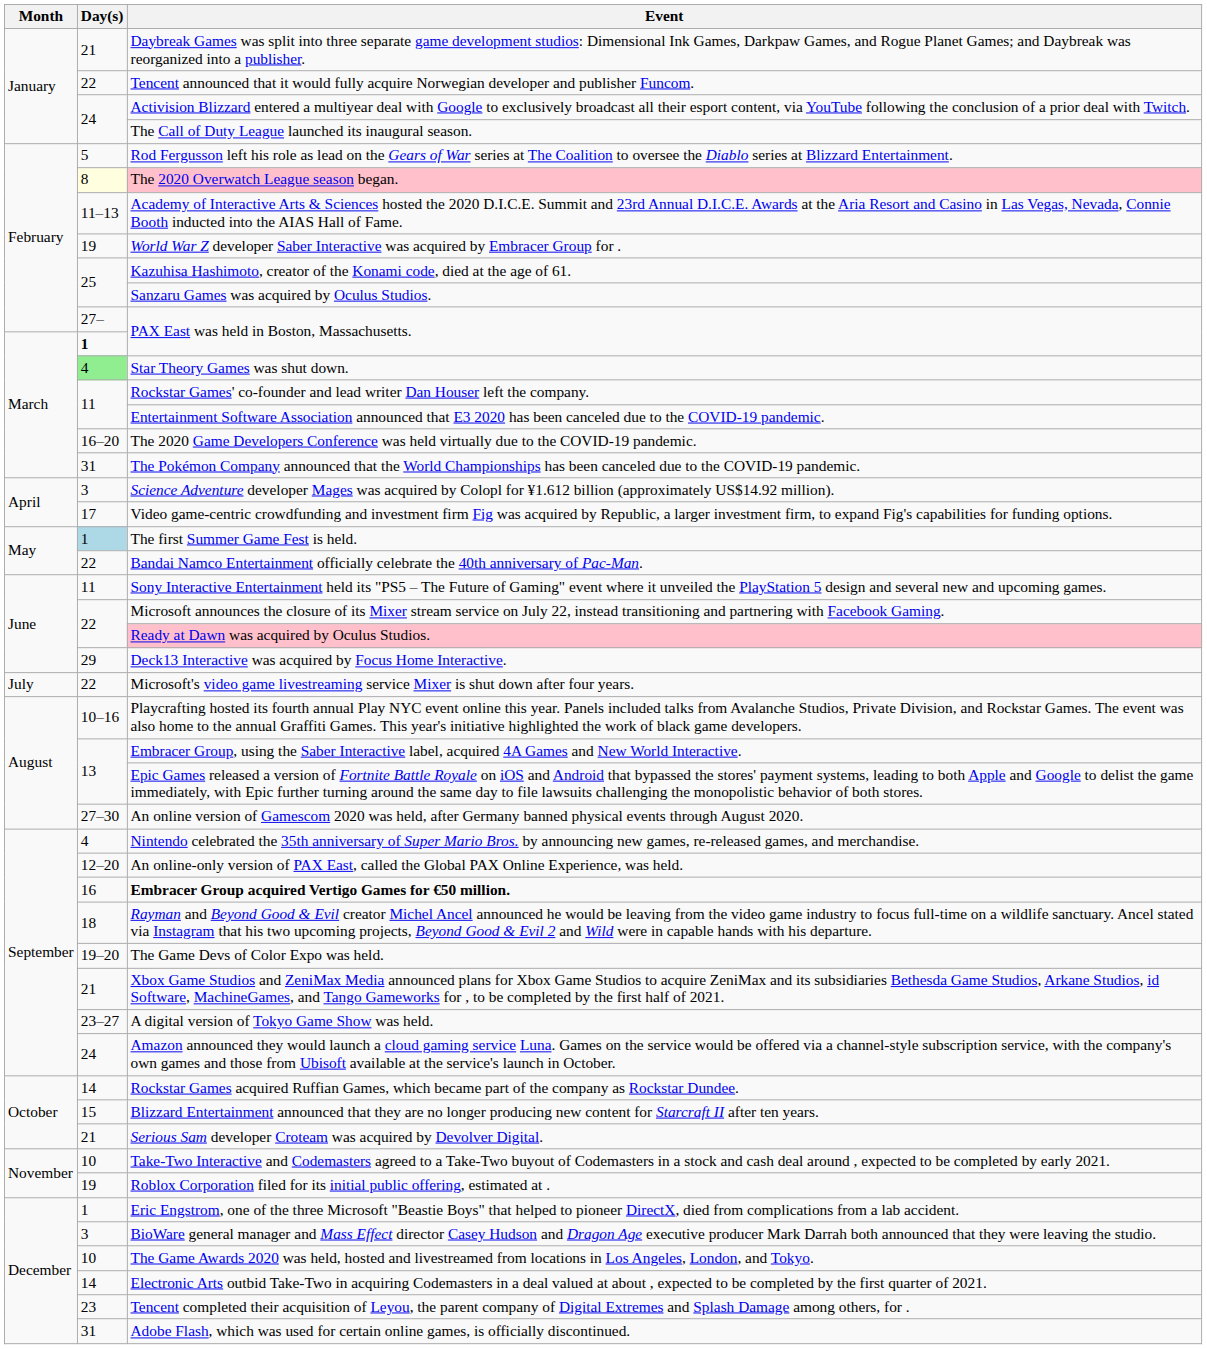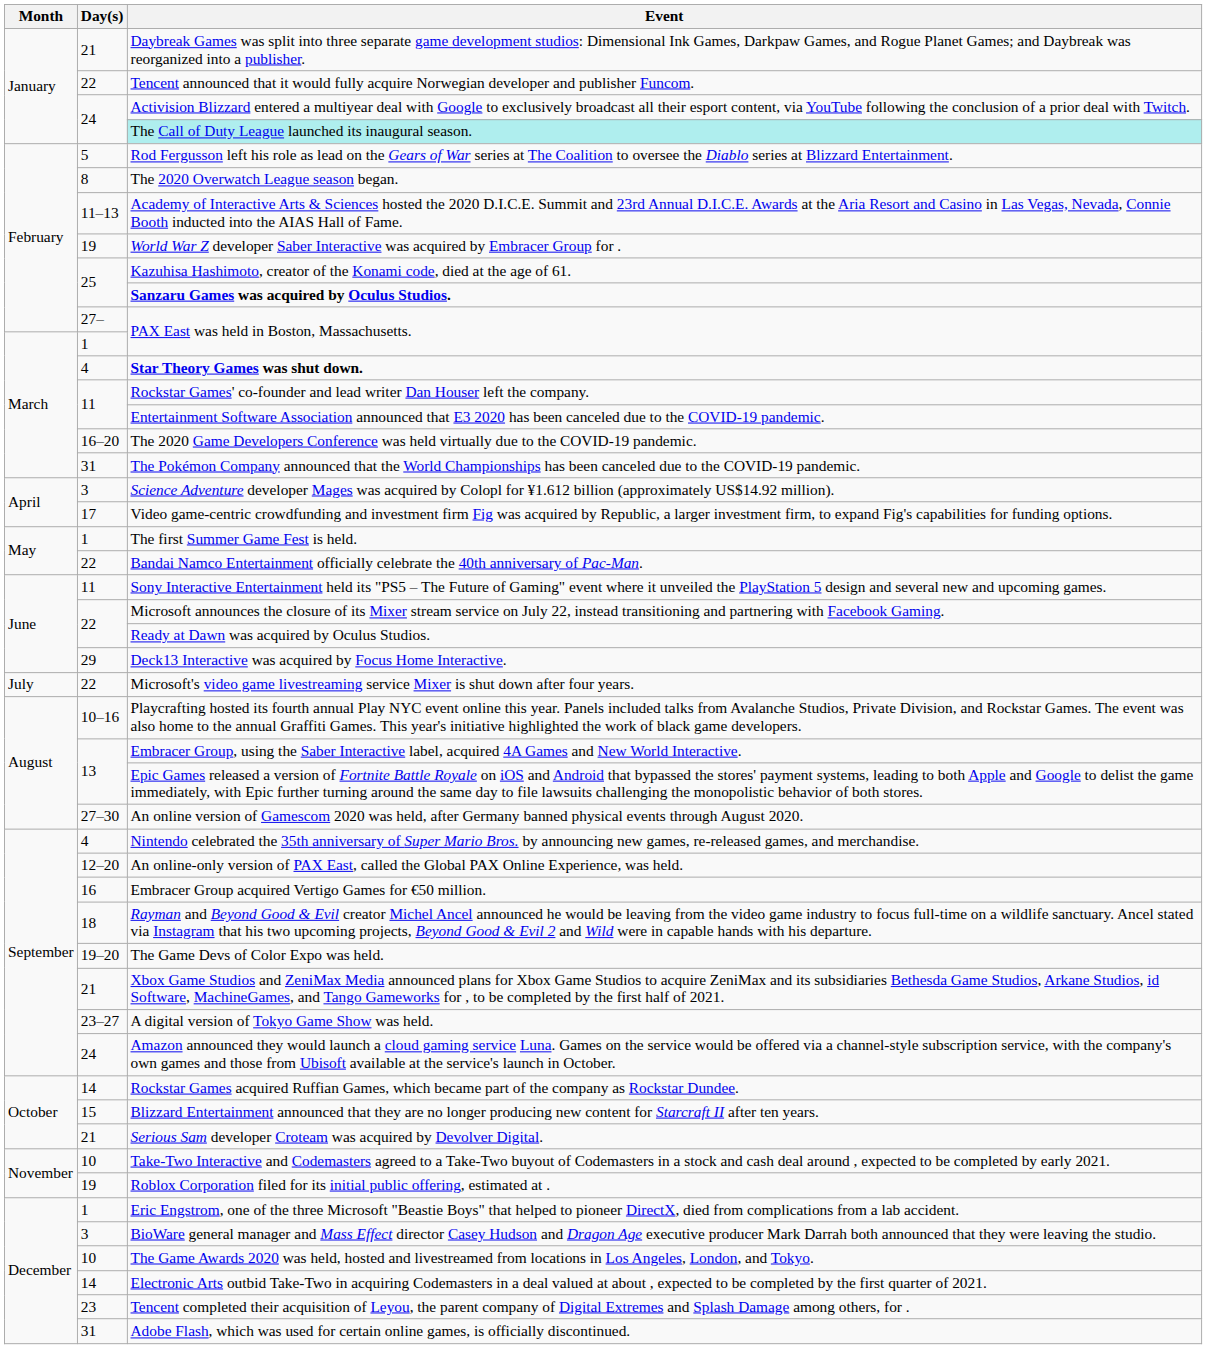 <table class="wikitable">
 <tr>
 <th>Month</th>
 <th>Day(s)</th>
 <th>Event</th>
 </tr>
 <tr>
 <td rowspan="4">January</td>
 <td>21</td>
 <td><a href='#'>Daybreak Games</a> was split into three separate <a href='#'>game development studios</a>: Dimensional Ink Games, Darkpaw Games, and Rogue Planet Games; and Daybreak was reorganized into a <a href='#'>publisher</a>.</td>
 </tr>
 <tr>
 <td>22</td>
 <td><a href='#'>Tencent</a> announced that it would fully acquire Norwegian developer and publisher <a href='#'>Funcom</a>.</td>
 </tr>
 <tr>
 <td rowspan="2">24</td>
 <td><a href='#'>Activision Blizzard</a> entered a multiyear deal with <a href='#'>Google</a> to exclusively broadcast all their esport content, via <a href='#'>YouTube</a> following the conclusion of a prior deal with <a href='#'>Twitch</a>.</td>
 </tr>
 <tr>
-<td>The <a href='#'>Call of Duty League</a> launched its inaugural season.</td>
+<td style="background: paleturquoise;">The <a href='#'>Call of Duty League</a> launched its inaugural season.</td>
 </tr>
 <tr>
 <td rowspan="7">February</td>
 <td>5</td>
 <td><a href='#'>Rod Fergusson</a> left his role as lead on the <em><a href='#'>Gears of War</a></em> series at <a href='#'>The Coalition</a> to oversee the <em><a href='#'>Diablo</a></em> series at <a href='#'>Blizzard Entertainment</a>.</td>
 </tr>
 <tr>
-<td style="background: lightyellow;">8</td>
-<td style="background: pink;">The <a href='#'>2020 Overwatch League season</a> began.</td>
+<td>8</td>
+<td>The <a href='#'>2020 Overwatch League season</a> began.</td>
 </tr>
 <tr>
 <td>11–13</td>
 <td><a href='#'>Academy of Interactive Arts & Sciences</a> hosted the 2020 D.I.C.E. Summit and <a href='#'>23rd Annual D.I.C.E. Awards</a> at the <a href='#'>Aria Resort and Casino</a> in <a href='#'>Las Vegas, Nevada</a>, <a href='#'>Connie Booth</a> inducted into the AIAS Hall of Fame.</td>
 </tr>
 <tr>
 <td>19</td>
 <td><em><a href='#'>World War Z</a></em> developer <a href='#'>Saber Interactive</a> was acquired by <a href='#'>Embracer Group</a> for .</td>
 </tr>
 <tr>
 <td rowspan="2">25</td>
 <td><a href='#'>Kazuhisa Hashimoto</a>, creator of the <a href='#'>Konami code</a>, died at the age of 61.</td>
 </tr>
 <tr>
-<td><a href='#'>Sanzaru Games</a> was acquired by <a href='#'>Oculus Studios</a>.</td>
+<td><strong><a href='#'>Sanzaru Games</a> was acquired by <a href='#'>Oculus Studios</a>.</strong></td>
 </tr>
 <tr>
 <td>27–</td>
 <td rowspan="2"><a href='#'>PAX East</a> was held in Boston, Massachusetts.</td>
 </tr>
 <tr>
 <td rowspan="6">March</td>
-<td><strong>1</strong></td>
+<td>1</td>
 </tr>
 <tr>
-<td style="background: lightgreen;">4</td>
-<td><a href='#'>Star Theory Games</a> was shut down.</td>
+<td>4</td>
+<td><strong><a href='#'>Star Theory Games</a> was shut down.</strong></td>
 </tr>
 <tr>
 <td rowspan="2">11</td>
 <td><a href='#'>Rockstar Games</a>' co-founder and lead writer <a href='#'>Dan Houser</a> left the company.</td>
 </tr>
 <tr>
 <td><a href='#'>Entertainment Software Association</a> announced that <a href='#'>E3 2020</a> has been canceled due to the <a href='#'>COVID-19 pandemic</a>.</td>
 </tr>
 <tr>
 <td>16–20</td>
 <td>The 2020 <a href='#'>Game Developers Conference</a> was held virtually due to the COVID-19 pandemic.</td>
 </tr>
 <tr>
 <td>31</td>
 <td><a href='#'>The Pokémon Company</a> announced that the <a href='#'>World Championships</a> has been canceled due to the COVID-19 pandemic.</td>
 </tr>
 <tr>
 <td rowspan="2">April</td>
 <td>3</td>
 <td><em><a href='#'>Science Adventure</a></em> developer <a href='#'>Mages</a> was acquired by Colopl for ¥1.612 billion (approximately US$14.92 million).</td>
 </tr>
 <tr>
 <td>17</td>
 <td>Video game-centric crowdfunding and investment firm <a href='#'>Fig</a> was acquired by Republic, a larger investment firm, to expand Fig's capabilities for funding options.</td>
 </tr>
 <tr>
 <td rowspan="2">May</td>
-<td style="background: lightblue;">1</td>
+<td>1</td>
 <td>The first <a href='#'>Summer Game Fest</a> is held.</td>
 </tr>
 <tr>
 <td>22</td>
 <td><a href='#'>Bandai Namco Entertainment</a> officially celebrate the <a href='#'>40th anniversary of <em>Pac-Man</em></a>.</td>
 </tr>
 <tr>
 <td rowspan="4">June</td>
 <td>11</td>
 <td><a href='#'>Sony Interactive Entertainment</a> held its "PS5 – The Future of Gaming" event where it unveiled the <a href='#'>PlayStation 5</a> design and several new and upcoming games.</td>
 </tr>
 <tr>
 <td rowspan="2">22</td>
 <td>Microsoft announces the closure of its <a href='#'>Mixer</a> stream service on July 22, instead transitioning and partnering with <a href='#'>Facebook Gaming</a>.</td>
 </tr>
 <tr>
-<td style="background: pink;"><a href='#'>Ready at Dawn</a> was acquired by Oculus Studios.</td>
+<td><a href='#'>Ready at Dawn</a> was acquired by Oculus Studios.</td>
 </tr>
 <tr>
 <td>29</td>
 <td><a href='#'>Deck13 Interactive</a> was acquired by <a href='#'>Focus Home Interactive</a>.</td>
 </tr>
 <tr>
 <td>July</td>
 <td>22</td>
 <td>Microsoft's <a href='#'>video game livestreaming</a> service <a href='#'>Mixer</a> is shut down after four years.</td>
 </tr>
 <tr>
 <td rowspan="4">August</td>
 <td>10–16</td>
 <td>Playcrafting hosted its fourth annual Play NYC event online this year. Panels included talks from Avalanche Studios, Private Division, and Rockstar Games. The event was also home to the annual Graffiti Games. This year's initiative highlighted the work of black game developers.</td>
 </tr>
 <tr>
 <td rowspan="2">13</td>
 <td><a href='#'>Embracer Group</a>, using the <a href='#'>Saber Interactive</a> label, acquired <a href='#'>4A Games</a> and <a href='#'>New World Interactive</a>.</td>
 </tr>
 <tr>
 <td><a href='#'>Epic Games</a> released a version of <em><a href='#'>Fortnite Battle Royale</a></em> on <a href='#'>iOS</a> and <a href='#'>Android</a> that bypassed the stores' payment systems, leading to both <a href='#'>Apple</a> and <a href='#'>Google</a> to delist the game immediately, with Epic further turning around the same day to file lawsuits challenging the monopolistic behavior of both stores.</td>
 </tr>
 <tr>
 <td>27–30</td>
 <td>An online version of <a href='#'>Gamescom</a> 2020 was held, after Germany banned physical events through August 2020.</td>
 </tr>
 <tr>
 <td rowspan="8">September</td>
 <td>4</td>
 <td><a href='#'>Nintendo</a> celebrated the <a href='#'>35th anniversary of <em>Super Mario Bros.</em></a> by announcing new games, re-released games, and merchandise.</td>
 </tr>
 <tr>
 <td>12–20</td>
 <td>An online-only version of <a href='#'>PAX East</a>, called the Global PAX Online Experience, was held.</td>
 </tr>
 <tr>
 <td>16</td>
-<td><strong>Embracer Group acquired Vertigo Games for €50 million.</strong></td>
+<td>Embracer Group acquired Vertigo Games for €50 million.</td>
 </tr>
 <tr>
 <td>18</td>
 <td><em><a href='#'>Rayman</a></em> and <em><a href='#'>Beyond Good & Evil</a></em> creator <a href='#'>Michel Ancel</a> announced he would be leaving from the video game industry to focus full-time on a wildlife sanctuary. Ancel stated via <a href='#'>Instagram</a> that his two upcoming projects, <em><a href='#'>Beyond Good & Evil 2</a></em> and <em><a href='#'>Wild</a></em> were in capable hands with his departure.</td>
 </tr>
 <tr>
 <td>19–20</td>
 <td>The Game Devs of Color Expo was held.</td>
 </tr>
 <tr>
 <td>21</td>
 <td><a href='#'>Xbox Game Studios</a> and <a href='#'>ZeniMax Media</a> announced plans for Xbox Game Studios to acquire ZeniMax and its subsidiaries <a href='#'>Bethesda Game Studios</a>, <a href='#'>Arkane Studios</a>, <a href='#'>id Software</a>, <a href='#'>MachineGames</a>, and <a href='#'>Tango Gameworks</a> for , to be completed by the first half of 2021.</td>
 </tr>
 <tr>
 <td>23–27</td>
 <td>A digital version of <a href='#'>Tokyo Game Show</a> was held.</td>
 </tr>
 <tr>
 <td>24</td>
 <td><a href='#'>Amazon</a> announced they would launch a <a href='#'>cloud gaming service</a> <a href='#'>Luna</a>. Games on the service would be offered via a channel-style subscription service, with the company's own games and those from <a href='#'>Ubisoft</a> available at the service's launch in October.</td>
 </tr>
 <tr>
 <td rowspan="3">October</td>
 <td>14</td>
 <td><a href='#'>Rockstar Games</a> acquired Ruffian Games, which became part of the company as <a href='#'>Rockstar Dundee</a>.</td>
 </tr>
 <tr>
 <td>15</td>
 <td><a href='#'>Blizzard Entertainment</a> announced that they are no longer producing new content for <em><a href='#'>Starcraft II</a></em> after ten years.</td>
 </tr>
 <tr>
 <td>21</td>
 <td><em><a href='#'>Serious Sam</a></em> developer <a href='#'>Croteam</a> was acquired by <a href='#'>Devolver Digital</a>.</td>
 </tr>
 <tr>
 <td rowspan="2">November</td>
 <td>10</td>
 <td><a href='#'>Take-Two Interactive</a> and <a href='#'>Codemasters</a> agreed to a Take-Two buyout of Codemasters in a stock and cash deal around , expected to be completed by early 2021.</td>
 </tr>
 <tr>
 <td>19</td>
 <td><a href='#'>Roblox Corporation</a> filed for its <a href='#'>initial public offering</a>, estimated at .</td>
 </tr>
 <tr>
 <td rowspan="6">December</td>
 <td>1</td>
 <td><a href='#'>Eric Engstrom</a>, one of the three Microsoft "Beastie Boys" that helped to pioneer <a href='#'>DirectX</a>, died from complications from a lab accident.</td>
 </tr>
 <tr>
 <td>3</td>
 <td><a href='#'>BioWare</a> general manager and <em><a href='#'>Mass Effect</a></em> director <a href='#'>Casey Hudson</a> and <em><a href='#'>Dragon Age</a></em> executive producer Mark Darrah both announced that they were leaving the studio.</td>
 </tr>
 <tr>
 <td>10</td>
 <td><a href='#'>The Game Awards 2020</a> was held, hosted and livestreamed from locations in <a href='#'>Los Angeles</a>, <a href='#'>London</a>, and <a href='#'>Tokyo</a>.</td>
 </tr>
 <tr>
 <td>14</td>
 <td><a href='#'>Electronic Arts</a> outbid Take-Two in acquiring Codemasters in a deal valued at about , expected to be completed by the first quarter of 2021.</td>
 </tr>
 <tr>
 <td>23</td>
 <td><a href='#'>Tencent</a> completed their acquisition of <a href='#'>Leyou</a>, the parent company of <a href='#'>Digital Extremes</a> and <a href='#'>Splash Damage</a> among others, for .</td>
 </tr>
 <tr>
 <td>31</td>
 <td><a href='#'>Adobe Flash</a>, which was used for certain online games, is officially discontinued.</td>
 </tr>
 </table>
